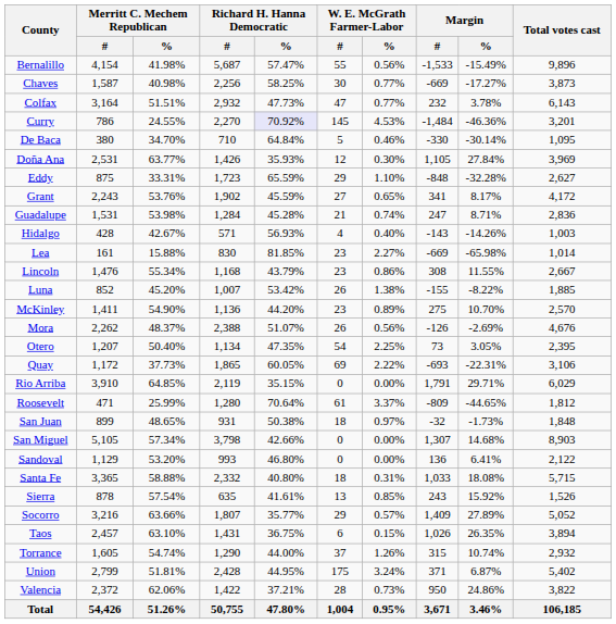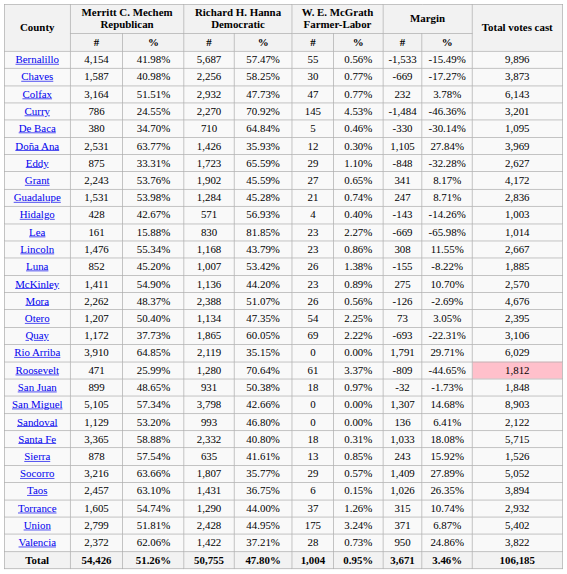 <table width="65%" class="wikitable sortable" style="text-align:center">
 <tr>
 <th style="text-align:center;" rowspan="2">County</th>
 <th style="text-align:center;" colspan="2">Merritt C. Mechem<br>Republican</th>
 <th style="text-align:center;" colspan="2">Richard H. Hanna<br>Democratic</th>
 <th style="text-align:center;" colspan="2">W. E. McGrath<br>Farmer-Labor</th>
 <th style="text-align:center;" colspan="2">Margin</th>
 <th style="text-align:center;" rowspan="2">Total votes cast</th>
 </tr>
 <tr>
 <th style="text-align:center;" data-sort-type="number">#</th>
 <th style="text-align:center;" data-sort-type="number">%</th>
 <th style="text-align:center;" data-sort-type="number">#</th>
 <th style="text-align:center;" data-sort-type="number">%</th>
 <th style="text-align:center;" data-sort-type="number">#</th>
 <th style="text-align:center;" data-sort-type="number">%</th>
 <th style="text-align:center;" data-sort-type="number">#</th>
 <th style="text-align:center;" data-sort-type="number">%</th>
 </tr>
 <tr style="text-align:center;">
 <td><a href='#'>Bernalillo</a></td>
 <td>4,154</td>
 <td>41.98%</td>
 <td>5,687</td>
 <td>57.47%</td>
 <td>55</td>
 <td>0.56%</td>
 <td>-1,533</td>
 <td>-15.49%</td>
 <td>9,896</td>
 </tr>
 <tr style="text-align:center;">
 <td><a href='#'>Chaves</a></td>
 <td>1,587</td>
 <td>40.98%</td>
 <td>2,256</td>
 <td>58.25%</td>
 <td>30</td>
 <td>0.77%</td>
 <td>-669</td>
 <td>-17.27%</td>
 <td>3,873</td>
 </tr>
 <tr style="text-align:center;">
 <td><a href='#'>Colfax</a></td>
 <td>3,164</td>
 <td>51.51%</td>
 <td>2,932</td>
 <td>47.73%</td>
 <td>47</td>
 <td>0.77%</td>
 <td>232</td>
 <td>3.78%</td>
 <td>6,143</td>
 </tr>
 <tr style="text-align:center;">
 <td><a href='#'>Curry</a></td>
 <td>786</td>
 <td>24.55%</td>
 <td>2,270</td>
-<td style="background: lavender;">70.92%</td>
+<td>70.92%</td>
 <td>145</td>
 <td>4.53%</td>
 <td>-1,484</td>
 <td>-46.36%</td>
 <td>3,201</td>
 </tr>
 <tr style="text-align:center;">
 <td><a href='#'>De Baca</a></td>
 <td>380</td>
 <td>34.70%</td>
 <td>710</td>
 <td>64.84%</td>
 <td>5</td>
 <td>0.46%</td>
 <td>-330</td>
 <td>-30.14%</td>
 <td>1,095</td>
 </tr>
 <tr style="text-align:center;">
 <td><a href='#'>Doña Ana</a></td>
 <td>2,531</td>
 <td>63.77%</td>
 <td>1,426</td>
 <td>35.93%</td>
 <td>12</td>
 <td>0.30%</td>
 <td>1,105</td>
 <td>27.84%</td>
 <td>3,969</td>
 </tr>
 <tr style="text-align:center;">
 <td><a href='#'>Eddy</a></td>
 <td>875</td>
 <td>33.31%</td>
 <td>1,723</td>
 <td>65.59%</td>
 <td>29</td>
 <td>1.10%</td>
 <td>-848</td>
 <td>-32.28%</td>
 <td>2,627</td>
 </tr>
 <tr style="text-align:center;">
 <td><a href='#'>Grant</a></td>
 <td>2,243</td>
 <td>53.76%</td>
 <td>1,902</td>
 <td>45.59%</td>
 <td>27</td>
 <td>0.65%</td>
 <td>341</td>
 <td>8.17%</td>
 <td>4,172</td>
 </tr>
 <tr style="text-align:center;">
 <td><a href='#'>Guadalupe</a></td>
 <td>1,531</td>
 <td>53.98%</td>
 <td>1,284</td>
 <td>45.28%</td>
 <td>21</td>
 <td>0.74%</td>
 <td>247</td>
 <td>8.71%</td>
 <td>2,836</td>
 </tr>
 <tr style="text-align:center;">
 <td><a href='#'>Hidalgo</a></td>
 <td>428</td>
 <td>42.67%</td>
 <td>571</td>
 <td>56.93%</td>
 <td>4</td>
 <td>0.40%</td>
 <td>-143</td>
 <td>-14.26%</td>
 <td>1,003</td>
 </tr>
 <tr style="text-align:center;">
 <td><a href='#'>Lea</a></td>
 <td>161</td>
 <td>15.88%</td>
 <td>830</td>
 <td>81.85%</td>
 <td>23</td>
 <td>2.27%</td>
 <td>-669</td>
 <td>-65.98%</td>
 <td>1,014</td>
 </tr>
 <tr style="text-align:center;">
 <td><a href='#'>Lincoln</a></td>
 <td>1,476</td>
 <td>55.34%</td>
 <td>1,168</td>
 <td>43.79%</td>
 <td>23</td>
 <td>0.86%</td>
 <td>308</td>
 <td>11.55%</td>
 <td>2,667</td>
 </tr>
 <tr style="text-align:center;">
 <td><a href='#'>Luna</a></td>
 <td>852</td>
 <td>45.20%</td>
 <td>1,007</td>
 <td>53.42%</td>
 <td>26</td>
 <td>1.38%</td>
 <td>-155</td>
 <td>-8.22%</td>
 <td>1,885</td>
 </tr>
 <tr style="text-align:center;">
 <td><a href='#'>McKinley</a></td>
 <td>1,411</td>
 <td>54.90%</td>
 <td>1,136</td>
 <td>44.20%</td>
 <td>23</td>
 <td>0.89%</td>
 <td>275</td>
 <td>10.70%</td>
 <td>2,570</td>
 </tr>
 <tr style="text-align:center;">
 <td><a href='#'>Mora</a></td>
 <td>2,262</td>
 <td>48.37%</td>
 <td>2,388</td>
 <td>51.07%</td>
 <td>26</td>
 <td>0.56%</td>
 <td>-126</td>
 <td>-2.69%</td>
 <td>4,676</td>
 </tr>
 <tr style="text-align:center;">
 <td><a href='#'>Otero</a></td>
 <td>1,207</td>
 <td>50.40%</td>
 <td>1,134</td>
 <td>47.35%</td>
 <td>54</td>
 <td>2.25%</td>
 <td>73</td>
 <td>3.05%</td>
 <td>2,395</td>
 </tr>
 <tr style="text-align:center;">
 <td><a href='#'>Quay</a></td>
 <td>1,172</td>
 <td>37.73%</td>
 <td>1,865</td>
 <td>60.05%</td>
 <td>69</td>
 <td>2.22%</td>
 <td>-693</td>
 <td>-22.31%</td>
 <td>3,106</td>
 </tr>
 <tr style="text-align:center;">
 <td><a href='#'>Rio Arriba</a></td>
 <td>3,910</td>
 <td>64.85%</td>
 <td>2,119</td>
 <td>35.15%</td>
 <td>0</td>
 <td>0.00%</td>
 <td>1,791</td>
 <td>29.71%</td>
 <td>6,029</td>
 </tr>
 <tr style="text-align:center;">
 <td><a href='#'>Roosevelt</a></td>
 <td>471</td>
 <td>25.99%</td>
 <td>1,280</td>
 <td>70.64%</td>
 <td>61</td>
 <td>3.37%</td>
 <td>-809</td>
 <td>-44.65%</td>
-<td>1,812</td>
+<td style="background: pink;">1,812</td>
 </tr>
 <tr style="text-align:center;">
 <td><a href='#'>San Juan</a></td>
 <td>899</td>
 <td>48.65%</td>
 <td>931</td>
 <td>50.38%</td>
 <td>18</td>
 <td>0.97%</td>
 <td>-32</td>
 <td>-1.73%</td>
 <td>1,848</td>
 </tr>
 <tr style="text-align:center;">
 <td><a href='#'>San Miguel</a></td>
 <td>5,105</td>
 <td>57.34%</td>
 <td>3,798</td>
 <td>42.66%</td>
 <td>0</td>
 <td>0.00%</td>
 <td>1,307</td>
 <td>14.68%</td>
 <td>8,903</td>
 </tr>
 <tr style="text-align:center;">
 <td><a href='#'>Sandoval</a></td>
 <td>1,129</td>
 <td>53.20%</td>
 <td>993</td>
 <td>46.80%</td>
 <td>0</td>
 <td>0.00%</td>
 <td>136</td>
 <td>6.41%</td>
 <td>2,122</td>
 </tr>
 <tr style="text-align:center;">
 <td><a href='#'>Santa Fe</a></td>
 <td>3,365</td>
 <td>58.88%</td>
 <td>2,332</td>
 <td>40.80%</td>
 <td>18</td>
 <td>0.31%</td>
 <td>1,033</td>
 <td>18.08%</td>
 <td>5,715</td>
 </tr>
 <tr style="text-align:center;">
 <td><a href='#'>Sierra</a></td>
 <td>878</td>
 <td>57.54%</td>
 <td>635</td>
 <td>41.61%</td>
 <td>13</td>
 <td>0.85%</td>
 <td>243</td>
 <td>15.92%</td>
 <td>1,526</td>
 </tr>
 <tr style="text-align:center;">
 <td><a href='#'>Socorro</a></td>
 <td>3,216</td>
 <td>63.66%</td>
 <td>1,807</td>
 <td>35.77%</td>
 <td>29</td>
 <td>0.57%</td>
 <td>1,409</td>
 <td>27.89%</td>
 <td>5,052</td>
 </tr>
 <tr style="text-align:center;">
 <td><a href='#'>Taos</a></td>
 <td>2,457</td>
 <td>63.10%</td>
 <td>1,431</td>
 <td>36.75%</td>
 <td>6</td>
 <td>0.15%</td>
 <td>1,026</td>
 <td>26.35%</td>
 <td>3,894</td>
 </tr>
 <tr style="text-align:center;">
 <td><a href='#'>Torrance</a></td>
 <td>1,605</td>
 <td>54.74%</td>
 <td>1,290</td>
 <td>44.00%</td>
 <td>37</td>
 <td>1.26%</td>
 <td>315</td>
 <td>10.74%</td>
 <td>2,932</td>
 </tr>
 <tr style="text-align:center;">
 <td><a href='#'>Union</a></td>
 <td>2,799</td>
 <td>51.81%</td>
 <td>2,428</td>
 <td>44.95%</td>
 <td>175</td>
 <td>3.24%</td>
 <td>371</td>
 <td>6.87%</td>
 <td>5,402</td>
 </tr>
 <tr style="text-align:center;">
 <td><a href='#'>Valencia</a></td>
 <td>2,372</td>
 <td>62.06%</td>
 <td>1,422</td>
 <td>37.21%</td>
 <td>28</td>
 <td>0.73%</td>
 <td>950</td>
 <td>24.86%</td>
 <td>3,822</td>
 </tr>
 <tr style="text-align:center;">
 <th>Total</th>
 <th>54,426</th>
 <th>51.26%</th>
 <th>50,755</th>
 <th>47.80%</th>
 <th>1,004</th>
 <th>0.95%</th>
 <th>3,671</th>
 <th>3.46%</th>
 <th>106,185</th>
 </tr>
 </table>
